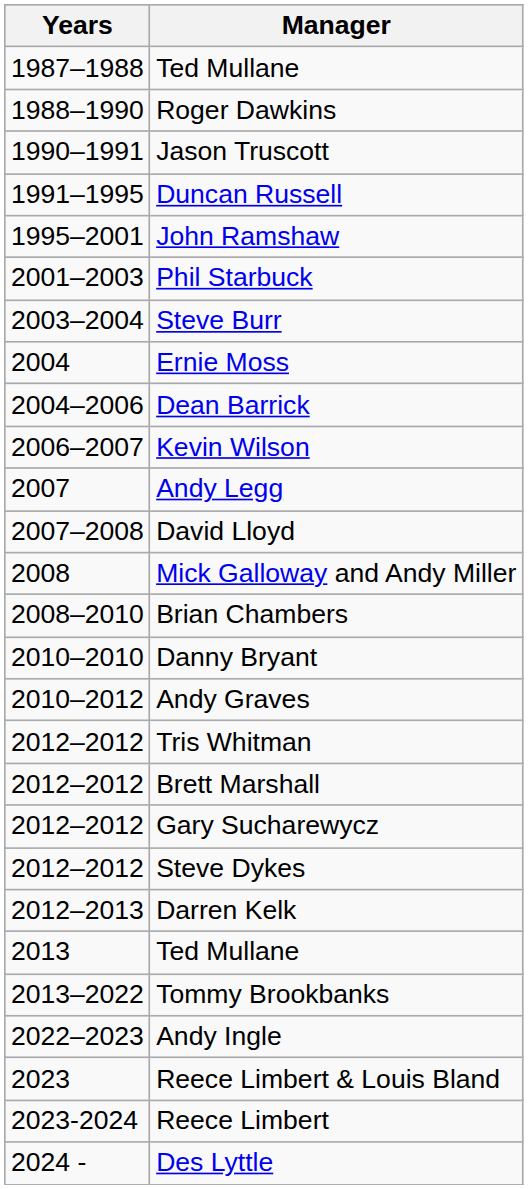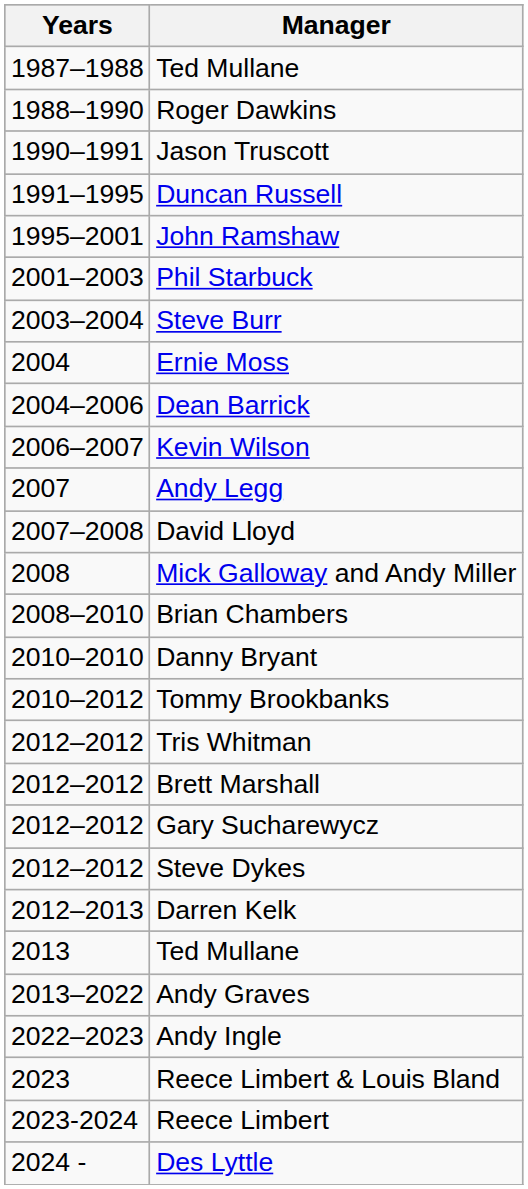 <table class=wikitable style=text-align:left>
 <tr>
 <th>Years</th>
 <th>Manager</th>
 </tr>
 <tr>
 <td>1987–1988</td>
 <td>Ted Mullane</td>
 </tr>
 <tr>
 <td>1988–1990</td>
 <td>Roger Dawkins</td>
 </tr>
 <tr>
 <td>1990–1991</td>
 <td>Jason Truscott</td>
 </tr>
 <tr>
 <td>1991–1995</td>
 <td><a href='#'>Duncan Russell</a></td>
 </tr>
 <tr>
 <td>1995–2001</td>
 <td><a href='#'>John Ramshaw</a></td>
 </tr>
 <tr>
 <td>2001–2003</td>
 <td><a href='#'>Phil Starbuck</a></td>
 </tr>
 <tr ->
 <td>2003–2004</td>
 <td><a href='#'>Steve Burr</a></td>
 </tr>
 <tr>
 <td>2004</td>
 <td><a href='#'>Ernie Moss</a></td>
 </tr>
 <tr>
 <td>2004–2006</td>
 <td><a href='#'>Dean Barrick</a></td>
 </tr>
 <tr>
 <td>2006–2007</td>
 <td><a href='#'>Kevin Wilson</a></td>
 </tr>
 <tr>
 <td>2007</td>
 <td><a href='#'>Andy Legg</a></td>
 </tr>
 <tr>
 <td>2007–2008</td>
 <td>David Lloyd</td>
 </tr>
 <tr>
 <td>2008</td>
 <td><a href='#'>Mick Galloway</a> and Andy Miller</td>
 </tr>
 <tr>
 <td>2008–2010</td>
 <td>Brian Chambers</td>
 </tr>
 <tr>
 <td>2010–2010</td>
 <td>Danny Bryant</td>
 </tr>
 <tr>
 <td>2010–2012</td>
-<td>Andy Graves</td>
+<td>Tommy Brookbanks</td>
 </tr>
 <tr>
 <td>2012–2012</td>
 <td>Tris Whitman</td>
 </tr>
 <tr>
 <td>2012–2012</td>
 <td>Brett Marshall</td>
 </tr>
 <tr>
 <td>2012–2012</td>
 <td>Gary Sucharewycz</td>
 </tr>
 <tr>
 <td>2012–2012</td>
 <td>Steve Dykes</td>
 </tr>
 <tr>
 <td>2012–2013</td>
 <td>Darren Kelk</td>
 </tr>
 <tr>
 <td>2013</td>
 <td>Ted Mullane</td>
 </tr>
 <tr>
 <td>2013–2022</td>
-<td>Tommy Brookbanks</td>
+<td>Andy Graves</td>
 </tr>
 <tr>
 <td>2022–2023</td>
 <td>Andy Ingle</td>
 </tr>
 <tr>
 <td>2023</td>
 <td>Reece Limbert & Louis Bland</td>
 </tr>
 <tr>
 <td>2023-2024</td>
 <td>Reece Limbert</td>
 </tr>
 <tr>
 <td>2024 -</td>
 <td><a href='#'>Des Lyttle</a></td>
 </tr>
 <tr>
 </tr>
 </table>
